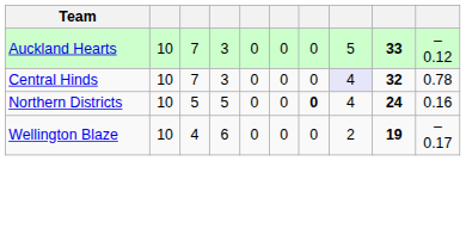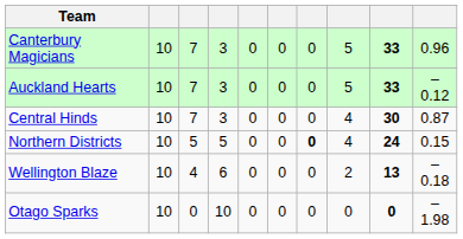 <table class="wikitable" style="text-align:center">
 <tr>
 <th width="150">Team</th>
 <th width="25"></th>
 <th width="25"></th>
 <th width="25"></th>
 <th width="25"></th>
 <th width="25"></th>
 <th width="25"></th>
 <th width="40"></th>
 <th width="40"></th>
 <th width="40"></th>
+</tr>
+<tr style="background:#cfc">
+<td style="text-align:left"><a href='#'>Canterbury Magicians</a></td>
+<td>10</td>
+<td>7</td>
+<td>3</td>
+<td>0</td>
+<td>0</td>
+<td>0</td>
+<td>5</td>
+<td><strong>33</strong></td>
+<td>0.96</td>
 </tr>
 <tr style="background:#cfc">
 <td style="text-align:left"><a href='#'>Auckland Hearts</a></td>
 <td>10</td>
 <td>7</td>
 <td>3</td>
 <td>0</td>
 <td>0</td>
 <td>0</td>
 <td>5</td>
 <td><strong>33</strong></td>
 <td>–0.12</td>
 </tr>
 <tr>
 <td style="text-align:left"><a href='#'>Central Hinds</a></td>
 <td>10</td>
 <td>7</td>
 <td>3</td>
 <td>0</td>
 <td>0</td>
 <td>0</td>
-<td style="background: lavender;">4</td>
-<td><strong>32</strong></td>
-<td>0.78</td>
+<td>4</td>
+<td><strong>30</strong></td>
+<td>0.87</td>
 </tr>
 <tr>
 <td style="text-align:left"><a href='#'>Northern Districts</a></td>
 <td>10</td>
 <td>5</td>
 <td>5</td>
 <td>0</td>
 <td>0</td>
 <td><strong>0</strong></td>
 <td>4</td>
 <td><strong>24</strong></td>
-<td>0.16</td>
+<td>0.15</td>
 </tr>
 <tr>
 <td style="text-align:left"><a href='#'>Wellington Blaze</a></td>
 <td>10</td>
 <td>4</td>
 <td>6</td>
 <td>0</td>
 <td>0</td>
 <td>0</td>
 <td>2</td>
-<td><strong>19</strong></td>
-<td>–0.17</td>
+<td><strong>13</strong></td>
+<td>–0.18</td>
+</tr>
+<tr>
+<td style="text-align:left"><a href='#'>Otago Sparks</a></td>
+<td>10</td>
+<td>0</td>
+<td>10</td>
+<td>0</td>
+<td>0</td>
+<td>0</td>
+<td>0</td>
+<td><strong>0</strong></td>
+<td>–1.98</td>
 </tr>
 </table>
